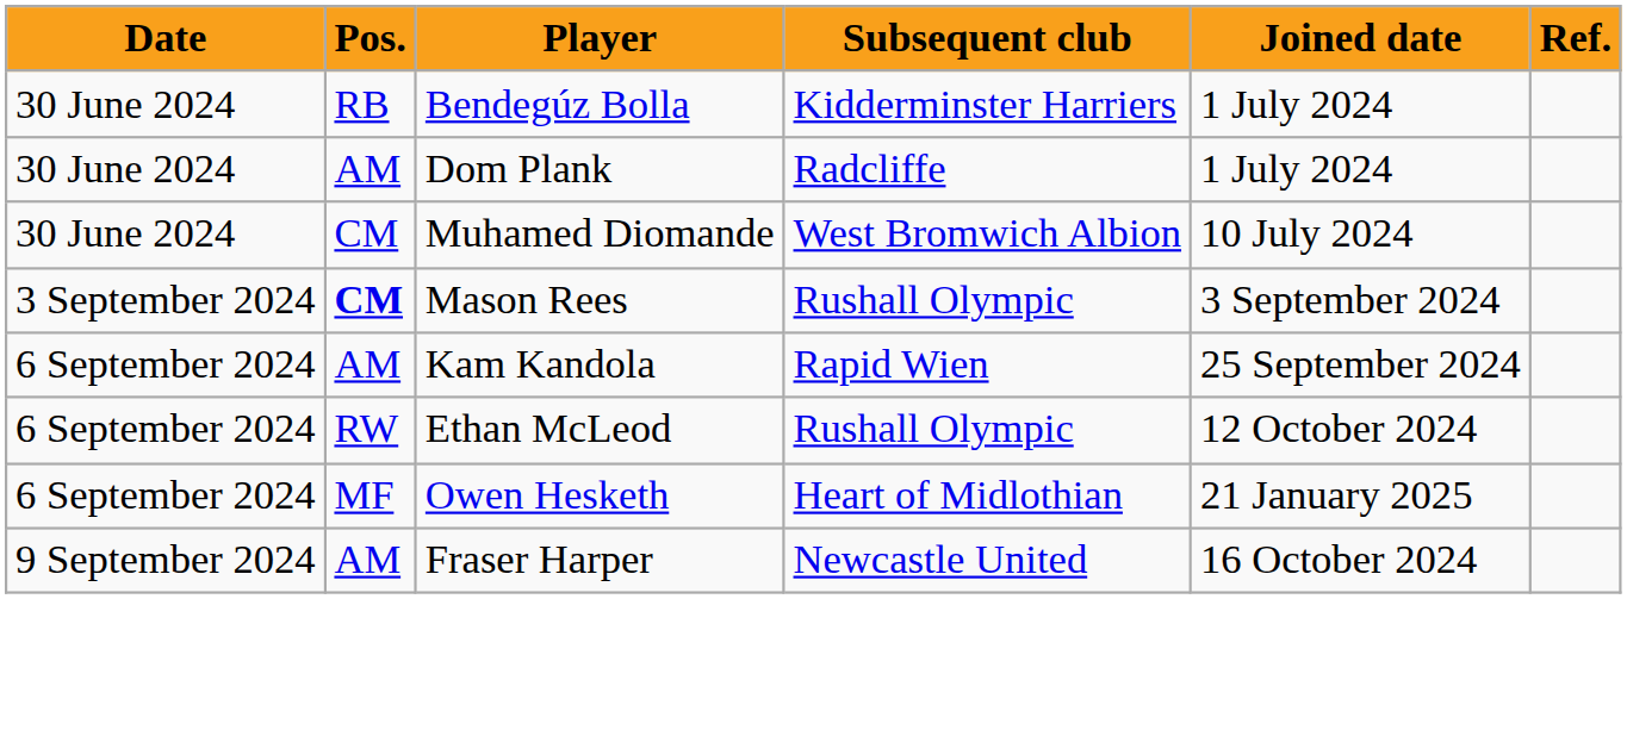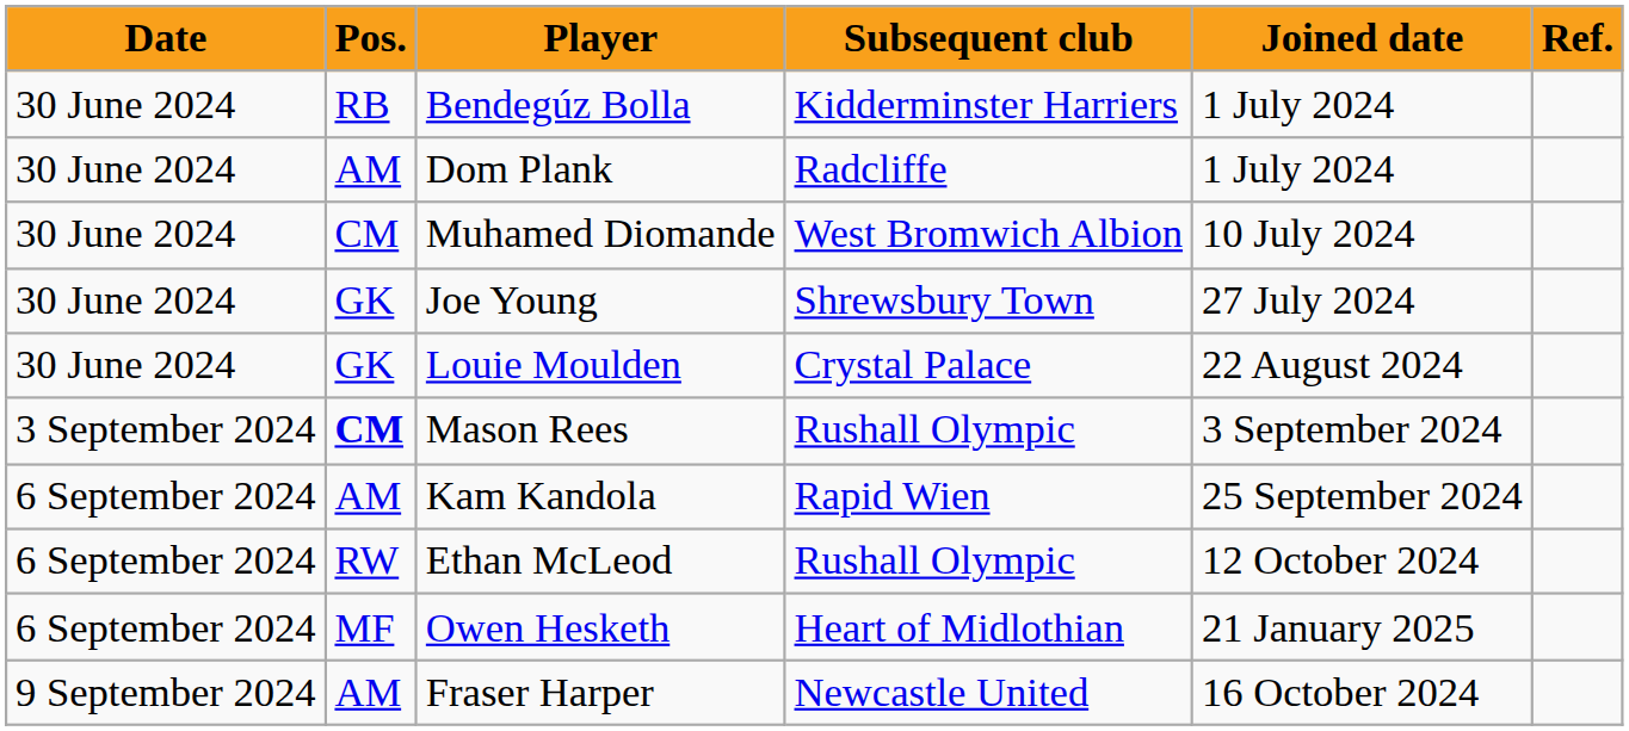 <table class="wikitable plainrowheaders sortable">
 <tr>
 <th style="background:#F9A01B; color:#000000; ">Date</th>
 <th style="background:#F9A01B; color:#000000; ">Pos.</th>
 <th style="background:#F9A01B; color:#000000; ">Player</th>
 <th style="background:#F9A01B; color:#000000; ">Subsequent club</th>
 <th style="background:#F9A01B; color:#000000; ">Joined date</th>
 <th style="background:#F9A01B; color:#000000; ">Ref.</th>
 </tr>
 <tr>
 <td>30 June 2024</td>
 <td><a href='#'>RB</a></td>
 <td> <a href='#'>Bendegúz Bolla</a></td>
 <td> <a href='#'>Kidderminster Harriers</a></td>
 <td>1 July 2024</td>
 <td></td>
 </tr>
 <tr>
 <td>30 June 2024</td>
 <td><a href='#'>AM</a></td>
 <td> Dom Plank</td>
 <td> <a href='#'>Radcliffe</a></td>
 <td>1 July 2024</td>
 <td></td>
 </tr>
 <tr>
 <td>30 June 2024</td>
 <td><a href='#'>CM</a></td>
 <td> Muhamed Diomande</td>
 <td> <a href='#'>West Bromwich Albion</a></td>
 <td>10 July 2024</td>
+<td></td>
+</tr>
+<tr>
+<td>30 June 2024</td>
+<td><a href='#'>GK</a></td>
+<td> Joe Young</td>
+<td> <a href='#'>Shrewsbury Town</a></td>
+<td>27 July 2024</td>
+<td></td>
+</tr>
+<tr>
+<td>30 June 2024</td>
+<td><a href='#'>GK</a></td>
+<td> <a href='#'>Louie Moulden</a></td>
+<td> <a href='#'>Crystal Palace</a></td>
+<td>22 August 2024</td>
 <td></td>
 </tr>
 <tr>
 <td>3 September 2024</td>
 <td><strong><a href='#'>CM</a></strong></td>
 <td> Mason Rees</td>
 <td> <a href='#'>Rushall Olympic</a></td>
 <td>3 September 2024</td>
 <td></td>
 </tr>
 <tr>
 <td>6 September 2024</td>
 <td><a href='#'>AM</a></td>
 <td> Kam Kandola</td>
 <td> <a href='#'>Rapid Wien</a></td>
 <td>25 September 2024</td>
 <td></td>
 </tr>
 <tr>
 <td>6 September 2024</td>
 <td><a href='#'>RW</a></td>
 <td> Ethan McLeod</td>
 <td> <a href='#'>Rushall Olympic</a></td>
 <td>12 October 2024</td>
 <td></td>
 </tr>
 <tr>
 <td>6 September 2024</td>
 <td><a href='#'>MF</a></td>
 <td> <a href='#'>Owen Hesketh</a></td>
 <td> <a href='#'>Heart of Midlothian</a></td>
 <td>21 January 2025</td>
 <td></td>
 </tr>
 <tr>
 <td>9 September 2024</td>
 <td><a href='#'>AM</a></td>
 <td> Fraser Harper</td>
 <td> <a href='#'>Newcastle United</a></td>
 <td>16 October 2024</td>
 <td></td>
 </tr>
 </table>
